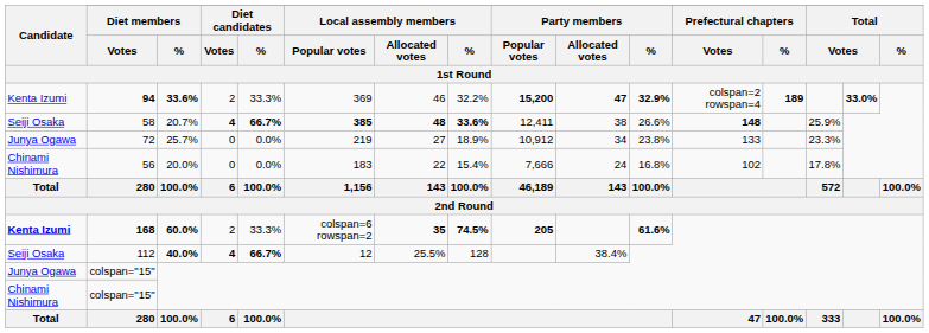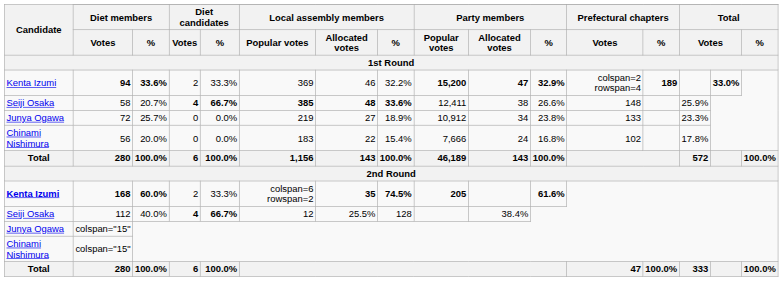 <table class="wikitable" style="text-align:right;font-size:95%;">
 <tr>
 <th rowspan="3">Candidate</th>
 </tr>
 <tr>
 <th colspan="2">Diet members</th>
 <th colspan="2">Diet candidates</th>
 <th colspan="3">Local assembly members</th>
 <th colspan="3">Party members</th>
 <th colspan="2">Prefectural chapters</th>
 <th colspan="3">Total</th>
 </tr>
 <tr>
 <th>Votes</th>
 <th>%</th>
 <th>Votes</th>
 <th>%</th>
 <th>Popular votes</th>
 <th>Allocated votes</th>
 <th>%</th>
 <th>Popular votes</th>
 <th>Allocated votes</th>
 <th>%</th>
 <th>Votes</th>
 <th>%</th>
 <th colspan=2>Votes</th>
 <th>%</th>
 </tr>
 <tr>
 <th colspan="16">1st Round</th>
 </tr>
 <tr>
 <td style="text-align:left"><a href='#'>Kenta Izumi</a></td>
 <td><strong>94</strong></td>
 <td><strong>33.6%</strong></td>
 <td>2</td>
 <td>33.3%</td>
 <td>369</td>
 <td>46</td>
 <td>32.2%</td>
 <td><strong>15,200</strong></td>
 <td><strong>47</strong></td>
 <td><strong>32.9%</strong></td>
 <td>colspan=2 rowspan=4 </td>
 <td><strong>189</strong></td>
 <td align=center></td>
 <td><strong>33.0%</strong></td>
 </tr>
 <tr>
 <td style="text-align:left"><a href='#'>Seiji Osaka</a></td>
 <td>58</td>
 <td>20.7%</td>
 <td><strong>4</strong></td>
 <td><strong>66.7%</strong></td>
 <td><strong>385</strong></td>
 <td><strong>48</strong></td>
 <td><strong>33.6%</strong></td>
 <td>12,411</td>
 <td>38</td>
 <td>26.6%</td>
-<td><strong>148</strong></td>
+<td>148</td>
 <td align=center></td>
 <td>25.9%</td>
 </tr>
 <tr>
 <td style="text-align:left"><a href='#'>Junya Ogawa</a></td>
 <td>72</td>
 <td>25.7%</td>
 <td>0</td>
 <td>0.0%</td>
 <td>219</td>
 <td>27</td>
 <td>18.9%</td>
 <td>10,912</td>
 <td>34</td>
 <td>23.8%</td>
 <td>133</td>
 <td align=center></td>
 <td>23.3%</td>
 </tr>
 <tr>
 <td style="text-align:left"><a href='#'>Chinami Nishimura</a></td>
 <td>56</td>
 <td>20.0%</td>
 <td>0</td>
 <td>0.0%</td>
 <td>183</td>
 <td>22</td>
 <td>15.4%</td>
 <td>7,666</td>
 <td>24</td>
 <td>16.8%</td>
 <td>102</td>
 <td align=center></td>
 <td>17.8%</td>
 </tr>
 <tr>
 <th>Total</th>
 <th style="text-align:right">280</th>
 <th style="text-align:right">100.0%</th>
 <th style="text-align:right">6</th>
 <th style="text-align:right">100.0%</th>
 <th style="text-align:right">1,156</th>
 <th style="text-align:right">143</th>
 <th style="text-align:right">100.0%</th>
 <th style="text-align:right">46,189</th>
 <th style="text-align:right">143</th>
 <th style="text-align:right">100.0%</th>
 <th colspan=2></th>
 <th style="text-align:right">572</th>
 <th></th>
 <th style="text-align:right">100.0%</th>
 </tr>
 <tr>
 <th colspan="16">2nd Round</th>
 </tr>
 <tr>
 <td style="text-align:left"><strong><a href='#'>Kenta Izumi</a></strong></td>
 <td><strong>168</strong></td>
 <td><strong>60.0%</strong></td>
 <td>2</td>
 <td>33.3%</td>
 <td>colspan=6 rowspan=2 </td>
 <td><strong>35</strong></td>
 <td><strong>74.5%</strong></td>
 <td><strong>205</strong></td>
 <td align=center></td>
 <td><strong>61.6%</strong></td>
 </tr>
 <tr>
 <td style="text-align:left"><a href='#'>Seiji Osaka</a></td>
 <td>112</td>
-<td><strong>40.0%</strong></td>
+<td>40.0%</td>
 <td><strong>4</strong></td>
 <td><strong>66.7%</strong></td>
 <td>12</td>
 <td>25.5%</td>
 <td>128</td>
 <td align=center></td>
 <td>38.4%</td>
 </tr>
 <tr>
 <td style="text-align:left"><a href='#'>Junya Ogawa</a></td>
 <td>colspan="15" </td>
 </tr>
 <tr>
 <td style="text-align:left"><a href='#'>Chinami Nishimura</a></td>
 <td>colspan="15" </td>
 </tr>
 <tr>
 <th>Total</th>
 <th style="text-align:right">280</th>
 <th style="text-align:right">100.0%</th>
 <th style="text-align:right">6</th>
 <th style="text-align:right">100.0%</th>
 <th colspan=6></th>
 <th style="text-align:right">47</th>
 <th style="text-align:right">100.0%</th>
 <th style="text-align:right">333</th>
 <th></th>
 <th style="text-align:right">100.0%</th>
 </tr>
 </table>
